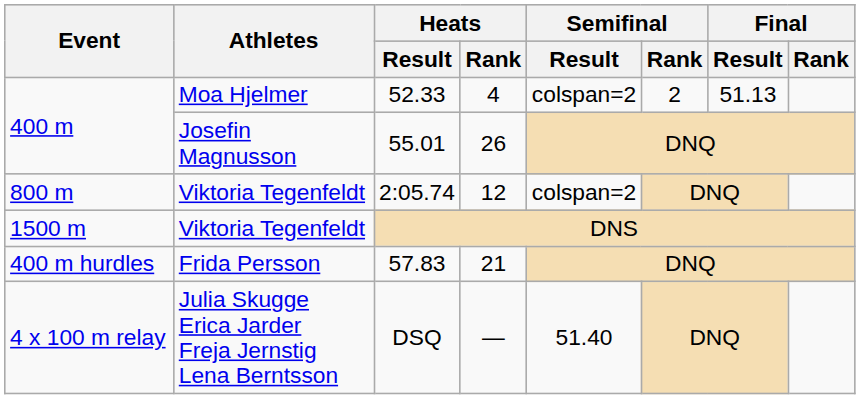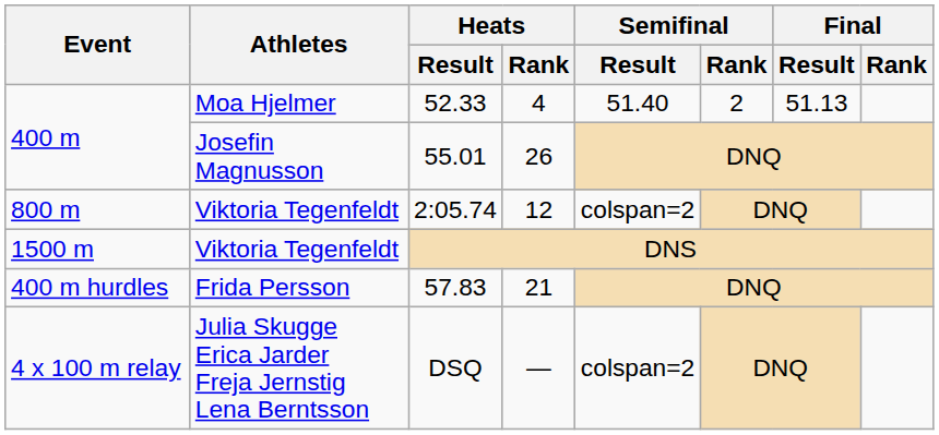 <table class="wikitable" border="1" style="font-size:90%">
 <tr>
 <th rowspan="2" width=100>Event</th>
 <th rowspan="2" width=120>Athletes</th>
 <th colspan="2">Heats</th>
 <th colspan="2">Semifinal</th>
 <th colspan="2">Final</th>
 </tr>
 <tr>
 <th>Result</th>
 <th>Rank</th>
 <th>Result</th>
 <th>Rank</th>
 <th>Result</th>
 <th>Rank</th>
 </tr>
 <tr>
 <td rowspan=2><a href='#'>400 m</a></td>
 <td><a href='#'>Moa Hjelmer</a></td>
 <td align=center>52.33</td>
 <td align=center>4</td>
-<td>colspan=2 </td>
+<td align=center>51.40</td>
 <td align=center>2</td>
 <td align=center>51.13</td>
 <td align=center></td>
 </tr>
 <tr>
 <td><a href='#'>Josefin Magnusson</a></td>
 <td align=center>55.01</td>
 <td align=center>26</td>
 <td colspan=4 align=center bgcolor="wheat">DNQ</td>
 </tr>
 <tr>
 <td><a href='#'>800 m</a></td>
 <td><a href='#'>Viktoria Tegenfeldt</a></td>
 <td align=center>2:05.74</td>
 <td align=center>12</td>
 <td>colspan=2 </td>
 <td colspan=2 align=center bgcolor="wheat">DNQ</td>
 </tr>
 <tr>
 <td><a href='#'>1500 m</a></td>
 <td><a href='#'>Viktoria Tegenfeldt</a></td>
 <td colspan=6 align=center bgcolor="wheat">DNS</td>
 </tr>
 <tr>
 <td><a href='#'>400 m hurdles</a></td>
 <td><a href='#'>Frida Persson</a></td>
 <td align=center>57.83</td>
 <td align=center>21</td>
 <td colspan=4 align=center bgcolor="wheat">DNQ</td>
 </tr>
 <tr>
 <td><a href='#'>4 x 100 m relay</a></td>
 <td><a href='#'>Julia Skugge</a><br><a href='#'>Erica Jarder</a><br><a href='#'>Freja Jernstig</a><br><a href='#'>Lena Berntsson</a></td>
 <td align=center>DSQ</td>
 <td align=center>—</td>
-<td align=center>51.40</td>
+<td>colspan=2 </td>
 <td colspan=2 align=center bgcolor="wheat">DNQ</td>
 </tr>
 </table>
